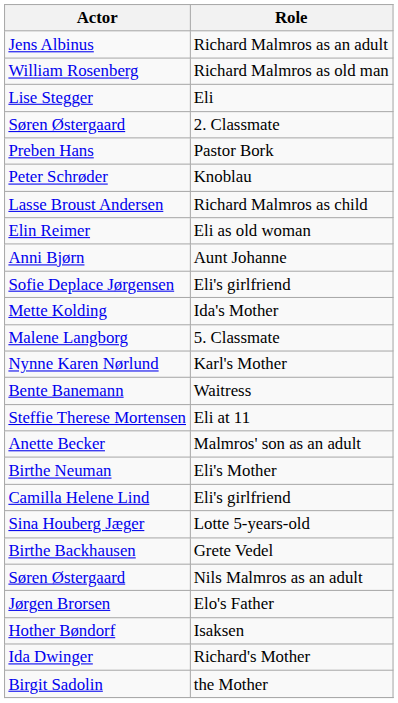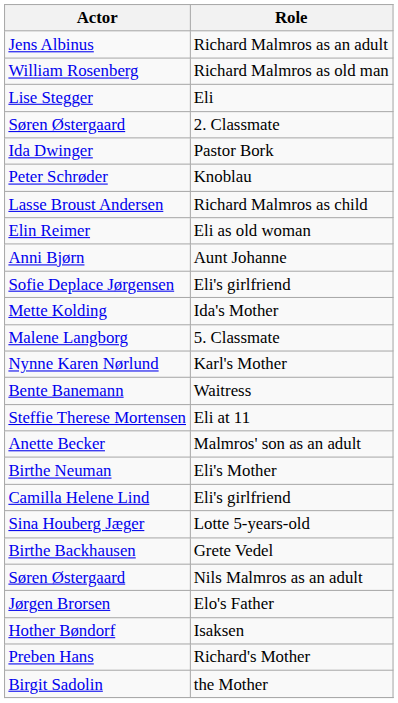 <table class="wikitable">
 <tr>
 <th>Actor</th>
 <th>Role</th>
 </tr>
 <tr>
 <td><a href='#'>Jens Albinus</a></td>
 <td>Richard Malmros as an adult</td>
 </tr>
 <tr>
 <td><a href='#'>William Rosenberg</a></td>
 <td>Richard Malmros as old man</td>
 </tr>
 <tr>
 <td><a href='#'>Lise Stegger</a></td>
 <td>Eli</td>
 </tr>
 <tr>
 <td><a href='#'>Søren Østergaard</a></td>
 <td>2. Classmate</td>
 </tr>
 <tr>
-<td><a href='#'>Preben Hans</a></td>
+<td><a href='#'>Ida Dwinger</a></td>
 <td>Pastor Bork</td>
 </tr>
 <tr>
 <td><a href='#'>Peter Schrøder</a></td>
 <td>Knoblau</td>
 </tr>
 <tr>
 <td><a href='#'>Lasse Broust Andersen</a></td>
 <td>Richard Malmros as child</td>
 </tr>
 <tr>
 <td><a href='#'>Elin Reimer</a></td>
 <td>Eli as old woman</td>
 </tr>
 <tr>
 <td><a href='#'>Anni Bjørn</a></td>
 <td>Aunt Johanne</td>
 </tr>
 <tr>
 <td><a href='#'>Sofie Deplace Jørgensen</a></td>
 <td>Eli's girlfriend</td>
 </tr>
 <tr>
 <td><a href='#'>Mette Kolding</a></td>
 <td>Ida's Mother</td>
 </tr>
 <tr>
 <td><a href='#'>Malene Langborg</a></td>
 <td>5. Classmate</td>
 </tr>
 <tr>
 <td><a href='#'>Nynne Karen Nørlund</a></td>
 <td>Karl's Mother</td>
 </tr>
 <tr>
 <td><a href='#'>Bente Banemann</a></td>
 <td>Waitress</td>
 </tr>
 <tr>
 <td><a href='#'>Steffie Therese Mortensen</a></td>
 <td>Eli at 11</td>
 </tr>
 <tr>
 <td><a href='#'>Anette Becker</a></td>
 <td>Malmros' son as an adult</td>
 </tr>
 <tr>
 <td><a href='#'>Birthe Neuman</a></td>
 <td>Eli's Mother</td>
 </tr>
 <tr>
 <td><a href='#'>Camilla Helene Lind</a></td>
 <td>Eli's girlfriend</td>
 </tr>
 <tr>
 <td><a href='#'>Sina Houberg Jæger</a></td>
 <td>Lotte 5-years-old</td>
 </tr>
 <tr>
 <td><a href='#'>Birthe Backhausen</a></td>
 <td>Grete Vedel</td>
 </tr>
 <tr>
 <td><a href='#'>Søren Østergaard</a></td>
 <td>Nils Malmros as an adult</td>
 </tr>
 <tr>
 <td><a href='#'>Jørgen Brorsen</a></td>
 <td>Elo's Father</td>
 </tr>
 <tr>
 <td><a href='#'>Hother Bøndorf</a></td>
 <td>Isaksen</td>
 </tr>
 <tr>
-<td><a href='#'>Ida Dwinger</a></td>
+<td><a href='#'>Preben Hans</a></td>
 <td>Richard's Mother</td>
 </tr>
 <tr>
 <td><a href='#'>Birgit Sadolin</a></td>
 <td>the Mother</td>
 </tr>
 <tr>
 </tr>
 </table>
